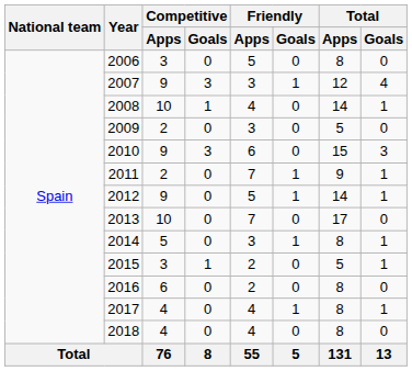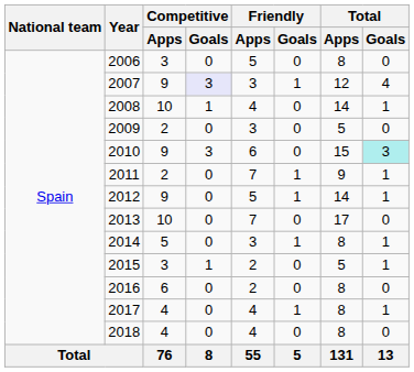 <table class="wikitable" style="text-align:center">
 <tr>
 <th rowspan="2">National team</th>
 <th rowspan="2">Year</th>
 <th colspan="2">Competitive</th>
 <th colspan="2">Friendly</th>
 <th colspan="2">Total</th>
 </tr>
 <tr>
 <th>Apps</th>
 <th>Goals</th>
 <th>Apps</th>
 <th>Goals</th>
 <th>Apps</th>
 <th>Goals</th>
 </tr>
 <tr>
 <td rowspan="13"><a href='#'>Spain</a></td>
 <td>2006</td>
 <td>3</td>
 <td>0</td>
 <td>5</td>
 <td>0</td>
 <td>8</td>
 <td>0</td>
 </tr>
 <tr>
 <td>2007</td>
 <td>9</td>
-<td>3</td>
+<td style="background: lavender;">3</td>
 <td>3</td>
 <td>1</td>
 <td>12</td>
 <td>4</td>
 </tr>
 <tr>
 <td>2008</td>
 <td>10</td>
 <td>1</td>
 <td>4</td>
 <td>0</td>
 <td>14</td>
 <td>1</td>
 </tr>
 <tr>
 <td>2009</td>
 <td>2</td>
 <td>0</td>
 <td>3</td>
 <td>0</td>
 <td>5</td>
 <td>0</td>
 </tr>
 <tr>
 <td>2010</td>
 <td>9</td>
 <td>3</td>
 <td>6</td>
 <td>0</td>
 <td>15</td>
-<td>3</td>
+<td style="background: paleturquoise;">3</td>
 </tr>
 <tr>
 <td>2011</td>
 <td>2</td>
 <td>0</td>
 <td>7</td>
 <td>1</td>
 <td>9</td>
 <td>1</td>
 </tr>
 <tr>
 <td>2012</td>
 <td>9</td>
 <td>0</td>
 <td>5</td>
 <td>1</td>
 <td>14</td>
 <td>1</td>
 </tr>
 <tr>
 <td>2013</td>
 <td>10</td>
 <td>0</td>
 <td>7</td>
 <td>0</td>
 <td>17</td>
 <td>0</td>
 </tr>
 <tr>
 <td>2014</td>
 <td>5</td>
 <td>0</td>
 <td>3</td>
 <td>1</td>
 <td>8</td>
 <td>1</td>
 </tr>
 <tr>
 <td>2015</td>
 <td>3</td>
 <td>1</td>
 <td>2</td>
 <td>0</td>
 <td>5</td>
 <td>1</td>
 </tr>
 <tr>
 <td>2016</td>
 <td>6</td>
 <td>0</td>
 <td>2</td>
 <td>0</td>
 <td>8</td>
 <td>0</td>
 </tr>
 <tr>
 <td>2017</td>
 <td>4</td>
 <td>0</td>
 <td>4</td>
 <td>1</td>
 <td>8</td>
 <td>1</td>
 </tr>
 <tr>
 <td>2018</td>
 <td>4</td>
 <td>0</td>
 <td>4</td>
 <td>0</td>
 <td>8</td>
 <td>0</td>
 </tr>
 <tr>
 <th colspan="2">Total</th>
 <th>76</th>
 <th>8</th>
 <th>55</th>
 <th>5</th>
 <th>131</th>
 <th>13</th>
 </tr>
 </table>
